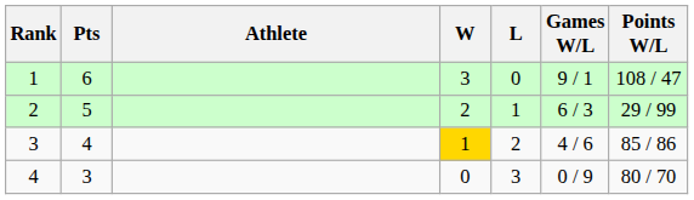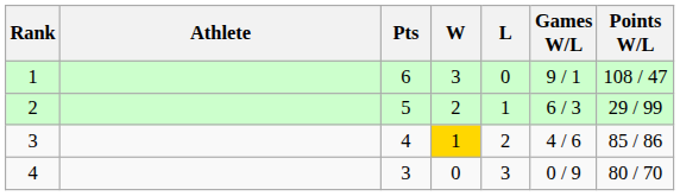 <table class="wikitable" style="text-align: center; font-size:90% ">
 <tr>
 <th width="20">Rank</th>
+<th width="230">Athlete</th>
 <th width="30">Pts</th>
-<th width="230">Athlete</th>
 <th width="30">W</th>
 <th width="30">L</th>
 <th width="40">Games<br>W/L</th>
 <th width="50">Points<br>W/L</th>
 </tr>
 <tr bgcolor=#ccffcc>
 <td>1</td>
+<td align=left></td>
 <td>6</td>
-<td align=left></td>
 <td>3</td>
 <td>0</td>
 <td>9 / 1</td>
 <td>108 / 47</td>
 </tr>
 <tr bgcolor=#ccffcc>
 <td>2</td>
+<td align=left></td>
 <td>5</td>
-<td align=left></td>
 <td>2</td>
 <td>1</td>
 <td>6 / 3</td>
 <td>29 / 99</td>
 </tr>
 <tr>
 <td>3</td>
+<td align=left></td>
 <td>4</td>
-<td align=left></td>
 <td style="background: gold;">1</td>
 <td>2</td>
 <td>4 / 6</td>
 <td>85 / 86</td>
 </tr>
 <tr>
 <td>4</td>
+<td align=left></td>
 <td>3</td>
-<td align=left></td>
 <td>0</td>
 <td>3</td>
 <td>0 / 9</td>
 <td>80 / 70</td>
 </tr>
 </table>
